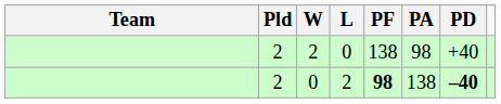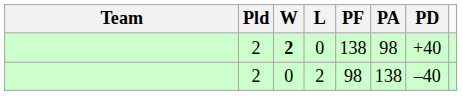 <table class=wikitable style="text-align:center">
 <tr>
 <th width=200>Team</th>
 <th width=20>Pld</th>
 <th width=20>W</th>
 <th width=20>L</th>
 <th width=20>PF</th>
 <th width=20>PA</th>
 <th width=30>PD</th>
 </tr>
 <tr bgcolor=ccffcc>
 <td align=left></td>
 <td>2</td>
-<td>2</td>
+<td><strong>2</strong></td>
 <td>0</td>
 <td>138</td>
 <td>98</td>
 <td>+40</td>
 <td></td>
 </tr>
 <tr bgcolor=ccffcc>
 <td align=left></td>
 <td>2</td>
 <td>0</td>
 <td>2</td>
-<td><strong>98</strong></td>
+<td>98</td>
 <td>138</td>
-<td><strong>–40</strong></td>
+<td>–40</td>
 <td></td>
 </tr>
 </table>
